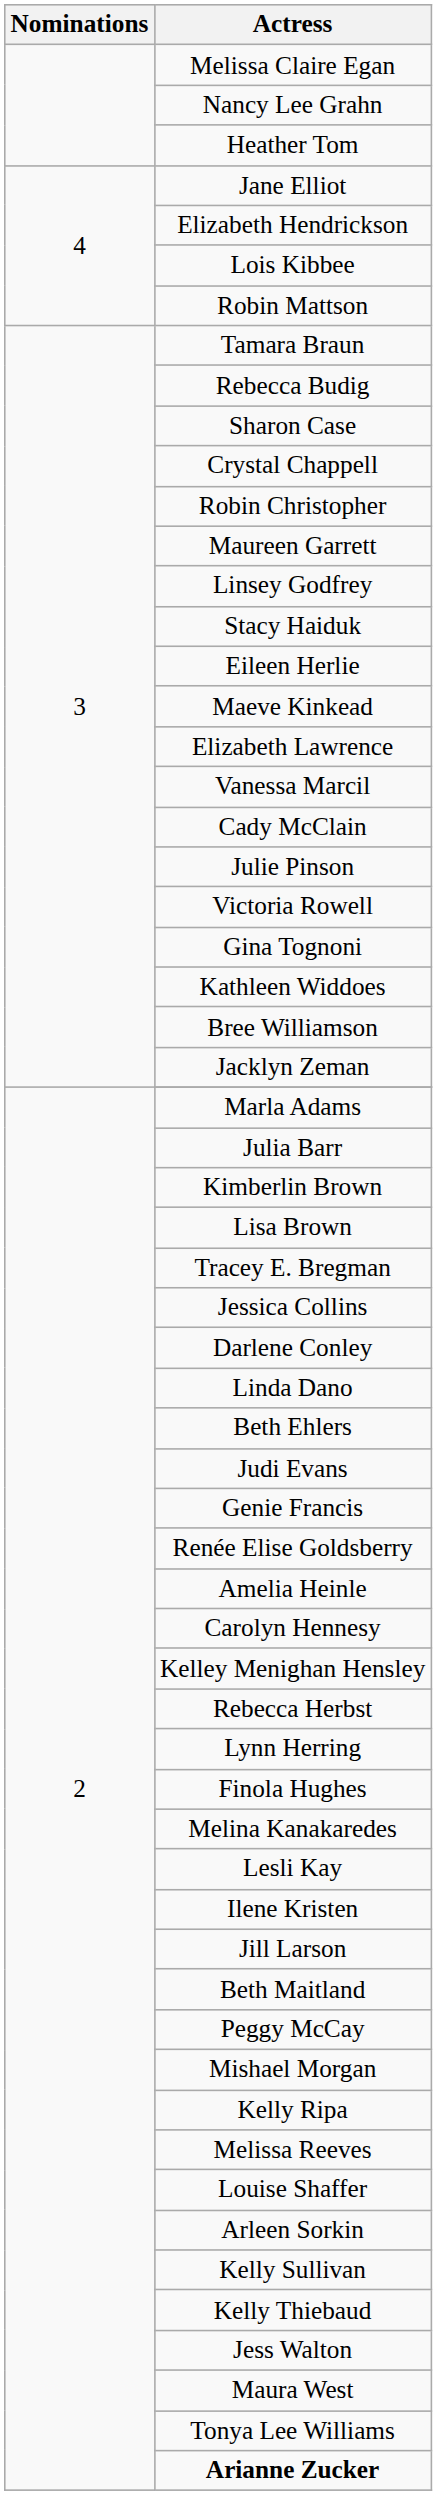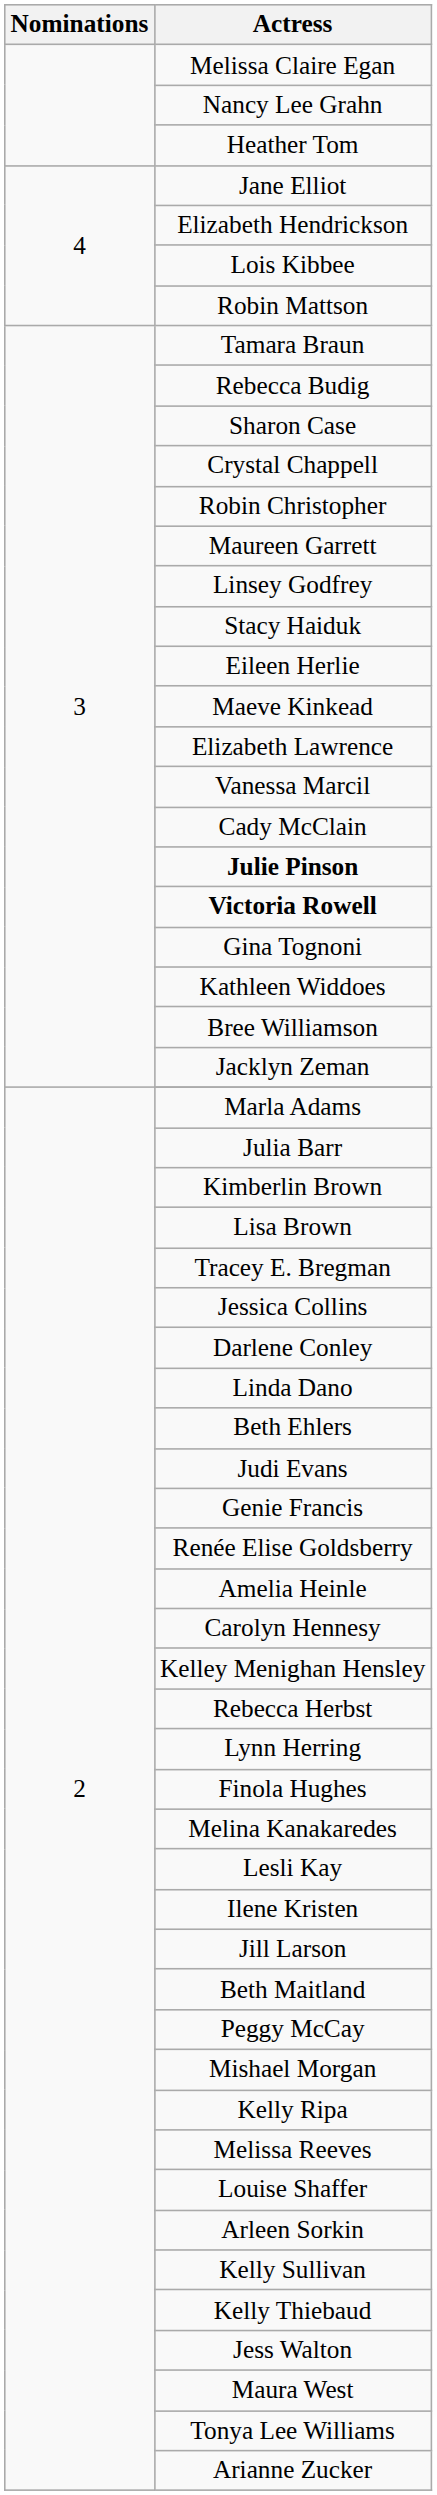 <table class="wikitable" style="text-align: center;">
 <tr>
 <th scope="col" width="55">Nominations</th>
 <th scope="col" align="center">Actress</th>
 </tr>
 <tr>
 <td scope="row" rowspan=3 style="text-align:center"></td>
 <td>Melissa Claire Egan</td>
 </tr>
 <tr>
 <td>Nancy Lee Grahn</td>
 </tr>
 <tr>
 <td>Heather Tom</td>
 </tr>
 <tr>
 <td scope="row" rowspan=4 style="text-align:center">4</td>
 <td>Jane Elliot</td>
 </tr>
 <tr>
 <td>Elizabeth Hendrickson</td>
 </tr>
 <tr>
 <td>Lois Kibbee</td>
 </tr>
 <tr>
 <td>Robin Mattson</td>
 </tr>
 <tr>
 <td scope="row" rowspan=19 style="text-align:center">3</td>
 <td>Tamara Braun</td>
 </tr>
 <tr>
 <td>Rebecca Budig</td>
 </tr>
 <tr>
 <td>Sharon Case</td>
 </tr>
 <tr>
 <td>Crystal Chappell</td>
 </tr>
 <tr>
 <td>Robin Christopher</td>
 </tr>
 <tr>
 <td>Maureen Garrett</td>
 </tr>
 <tr>
 <td>Linsey Godfrey</td>
 </tr>
 <tr>
 <td>Stacy Haiduk</td>
 </tr>
 <tr>
 <td>Eileen Herlie</td>
 </tr>
 <tr>
 <td>Maeve Kinkead</td>
 </tr>
 <tr>
 <td>Elizabeth Lawrence</td>
 </tr>
 <tr>
 <td>Vanessa Marcil</td>
 </tr>
 <tr>
 <td>Cady McClain</td>
 </tr>
 <tr>
-<td>Julie Pinson</td>
+<td><strong>Julie Pinson</strong></td>
 </tr>
 <tr>
-<td>Victoria Rowell</td>
+<td><strong>Victoria Rowell</strong></td>
 </tr>
 <tr>
 <td>Gina Tognoni</td>
 </tr>
 <tr>
 <td>Kathleen Widdoes</td>
 </tr>
 <tr>
 <td>Bree Williamson</td>
 </tr>
 <tr>
 <td>Jacklyn Zeman</td>
 </tr>
 <tr>
 <td scope="row" rowspan=38 style="text-align:center">2</td>
 </tr>
 <tr>
 <td>Marla Adams</td>
 </tr>
 <tr>
 <td>Julia Barr</td>
 </tr>
 <tr>
 <td>Kimberlin Brown</td>
 </tr>
 <tr>
 <td>Lisa Brown</td>
 </tr>
 <tr>
 <td>Tracey E. Bregman</td>
 </tr>
 <tr>
 <td>Jessica Collins</td>
 </tr>
 <tr>
 <td>Darlene Conley</td>
 </tr>
 <tr>
 <td>Linda Dano</td>
 </tr>
 <tr>
 <td>Beth Ehlers</td>
 </tr>
 <tr>
 <td>Judi Evans</td>
 </tr>
 <tr>
 <td>Genie Francis</td>
 </tr>
 <tr>
 <td>Renée Elise Goldsberry</td>
 </tr>
 <tr>
 <td>Amelia Heinle</td>
 </tr>
 <tr>
 <td>Carolyn Hennesy</td>
 </tr>
 <tr>
 <td>Kelley Menighan Hensley</td>
 </tr>
 <tr>
 <td>Rebecca Herbst</td>
 </tr>
 <tr>
 <td>Lynn Herring</td>
 </tr>
 <tr>
 <td>Finola Hughes</td>
 </tr>
 <tr>
 <td>Melina Kanakaredes</td>
 </tr>
 <tr>
 <td>Lesli Kay</td>
 </tr>
 <tr>
 <td>Ilene Kristen</td>
 </tr>
 <tr>
 <td>Jill Larson</td>
 </tr>
 <tr>
 <td>Beth Maitland</td>
 </tr>
 <tr>
 <td>Peggy McCay</td>
 </tr>
 <tr>
 <td>Mishael Morgan</td>
 </tr>
 <tr>
 <td>Kelly Ripa</td>
 </tr>
 <tr>
 <td>Melissa Reeves</td>
 </tr>
 <tr>
 <td>Louise Shaffer</td>
 </tr>
 <tr>
 <td>Arleen Sorkin</td>
 </tr>
 <tr>
 <td>Kelly Sullivan</td>
 </tr>
 <tr>
 <td>Kelly Thiebaud</td>
 </tr>
 <tr>
 <td>Jess Walton</td>
 </tr>
 <tr>
 <td>Maura West</td>
 </tr>
 <tr>
 <td>Tonya Lee Williams</td>
 </tr>
 <tr>
-<td><strong>Arianne Zucker</strong></td>
+<td>Arianne Zucker</td>
 </tr>
 </table>
